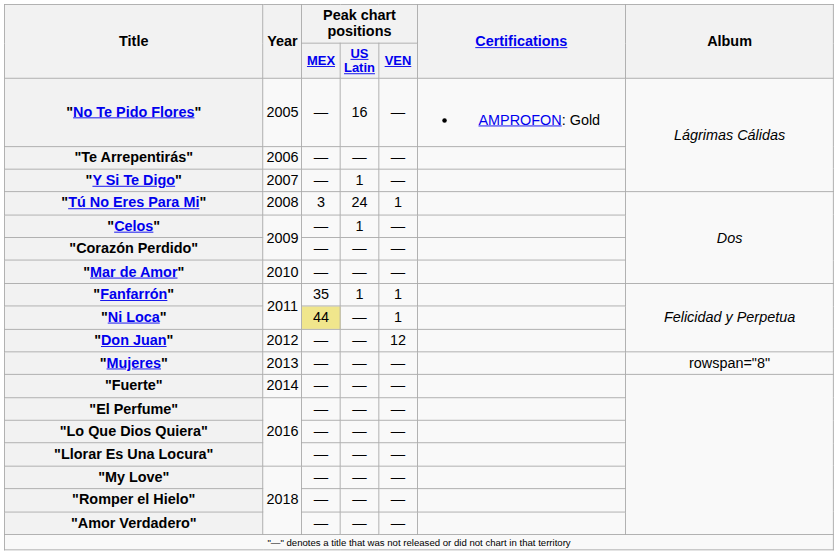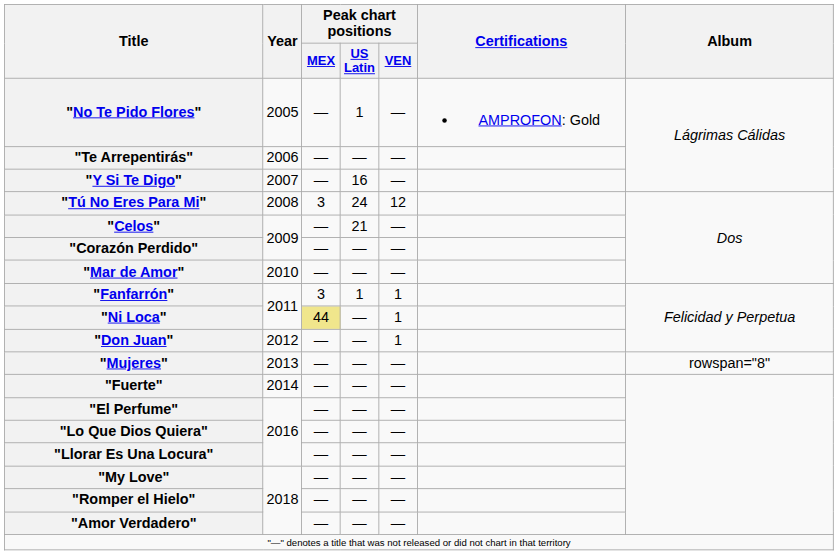 <table class="wikitable plainrowheaders" style="text-align:center;" border="1">
 <tr>
 <th scope="col" rowspan="2" style="width:17.5em;">Title</th>
 <th scope="col" rowspan="2" style="width:1em;">Year</th>
 <th scope="col" colspan="3">Peak chart positions</th>
 <th scope="col" rowspan="2" style="width:14em;"><a href='#'>Certifications</a></th>
 <th scope="col" rowspan="2" style="width:14em;">Album</th>
 </tr>
 <tr>
 <th scope="col" style="width:2.5em;font-size:90%;"><a href='#'>MEX</a><br></th>
 <th scope="col" style="width:2.5em;font-size:90%;"><a href='#'>US <br>Latin</a><br></th>
 <th scope="col" style="width:2.5em;font-size:90%;"><a href='#'>VEN</a> <br></th>
 </tr>
 <tr>
 <th scope="row">"<a href='#'>No Te Pido Flores</a>"</th>
 <td>2005</td>
 <td>—</td>
-<td>16</td>
+<td>1</td>
 <td>—</td>
 <td><br><ul><li><a href='#'>AMPROFON</a>: Gold</li></ul></td>
 <td rowspan="3"><em>Lágrimas Cálidas</em></td>
 </tr>
 <tr>
 <th scope="row">"Te Arrepentirás"</th>
 <td>2006</td>
 <td>—</td>
 <td>—</td>
 <td>—</td>
 <td></td>
 </tr>
 <tr>
 <th scope="row">"<a href='#'>Y Si Te Digo</a>"</th>
 <td>2007</td>
 <td>—</td>
-<td>1</td>
+<td>16</td>
 <td>—</td>
 <td></td>
 </tr>
 <tr>
 <th scope="row">"<a href='#'>Tú No Eres Para Mi</a>"</th>
 <td>2008</td>
 <td>3</td>
 <td>24</td>
-<td>1</td>
+<td>12</td>
 <td></td>
 <td rowspan="4"><em>Dos</em></td>
 </tr>
 <tr>
 <th scope="row">"<a href='#'>Celos</a>"</th>
 <td rowspan="2">2009</td>
 <td>—</td>
-<td>1</td>
+<td>21</td>
 <td>—</td>
 <td></td>
 </tr>
 <tr>
 <th scope="row">"Corazón Perdido"</th>
 <td>—</td>
 <td>—</td>
 <td>—</td>
 <td></td>
 </tr>
 <tr>
 <th scope="row">"<a href='#'>Mar de Amor</a>"</th>
 <td>2010</td>
 <td>—</td>
 <td>—</td>
 <td>—</td>
 <td></td>
 </tr>
 <tr>
 <th scope="row">"<a href='#'>Fanfarrón</a>"</th>
 <td rowspan="2">2011</td>
-<td>35</td>
+<td>3</td>
 <td>1</td>
 <td>1</td>
 <td></td>
 <td rowspan="3"><em>Felicidad y Perpetua</em></td>
 </tr>
 <tr>
 <th scope="row">"<a href='#'>Ni Loca</a>" <br></th>
 <td style="background: khaki;">44</td>
 <td>—</td>
 <td>1</td>
 <td></td>
 </tr>
 <tr>
 <th scope="row">"<a href='#'>Don Juan</a>" <br></th>
 <td>2012</td>
 <td>—</td>
 <td>—</td>
-<td>12</td>
+<td>1</td>
 <td></td>
 </tr>
 <tr>
 <th scope="row">"<a href='#'>Mujeres</a>"</th>
 <td>2013</td>
 <td>—</td>
 <td>—</td>
 <td>—</td>
 <td></td>
 <td>rowspan="8" </td>
 </tr>
 <tr>
 <th scope="row">"Fuerte"</th>
 <td>2014</td>
 <td>—</td>
 <td>—</td>
 <td>—</td>
 <td></td>
 </tr>
 <tr>
 <th scope="row">"El Perfume"</th>
 <td rowspan="3">2016</td>
 <td>—</td>
 <td>—</td>
 <td>—</td>
 <td></td>
 </tr>
 <tr>
 <th scope="row">"Lo Que Dios Quiera" <br></th>
 <td>—</td>
 <td>—</td>
 <td>—</td>
 <td></td>
 </tr>
 <tr>
 <th scope="row">"Llorar Es Una Locura" <br></th>
 <td>—</td>
 <td>—</td>
 <td>—</td>
 <td></td>
 </tr>
 <tr>
 <th scope="row">"My Love" <br></th>
 <td rowspan="3">2018</td>
 <td>—</td>
 <td>—</td>
 <td>—</td>
 <td></td>
 </tr>
 <tr>
 <th scope="row">"Romper el Hielo" <br></th>
 <td>—</td>
 <td>—</td>
 <td>—</td>
 <td></td>
 </tr>
 <tr>
 <th scope="row">"Amor Verdadero" <br></th>
 <td>—</td>
 <td>—</td>
 <td>—</td>
 <td></td>
 </tr>
 <tr>
 <td colspan="15" style="text-align:center; font-size:8pt;">"—" denotes a title that was not released or did not chart in that territory</td>
 </tr>
 </table>
